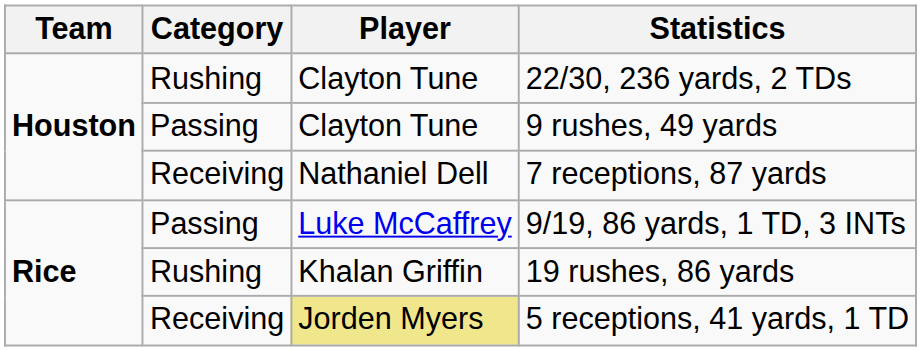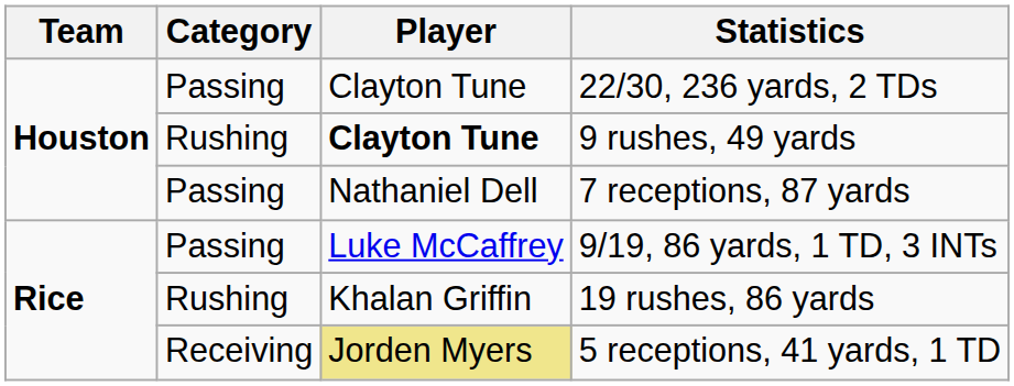 <table class="wikitable" style="float: left;">
 <tr>
 <th>Team</th>
 <th>Category</th>
 <th>Player</th>
 <th>Statistics</th>
 </tr>
 <tr>
 <td rowspan=3><strong>Houston</strong></td>
-<td>Rushing</td>
+<td>Passing</td>
 <td>Clayton Tune</td>
 <td>22/30, 236 yards, 2 TDs</td>
 </tr>
 <tr>
-<td>Passing</td>
-<td>Clayton Tune</td>
+<td>Rushing</td>
+<td><strong>Clayton Tune</strong></td>
 <td>9 rushes, 49 yards</td>
 </tr>
 <tr>
-<td>Receiving</td>
+<td>Passing</td>
 <td>Nathaniel Dell</td>
 <td>7 receptions, 87 yards</td>
 </tr>
 <tr>
 <td rowspan=3><strong>Rice</strong></td>
 <td>Passing</td>
 <td><a href='#'>Luke McCaffrey</a></td>
 <td>9/19, 86 yards, 1 TD, 3 INTs</td>
 </tr>
 <tr>
 <td>Rushing</td>
 <td>Khalan Griffin</td>
 <td>19 rushes, 86 yards</td>
 </tr>
 <tr>
 <td>Receiving</td>
 <td style="background: khaki;">Jorden Myers</td>
 <td>5 receptions, 41 yards, 1 TD</td>
 </tr>
 </table>
